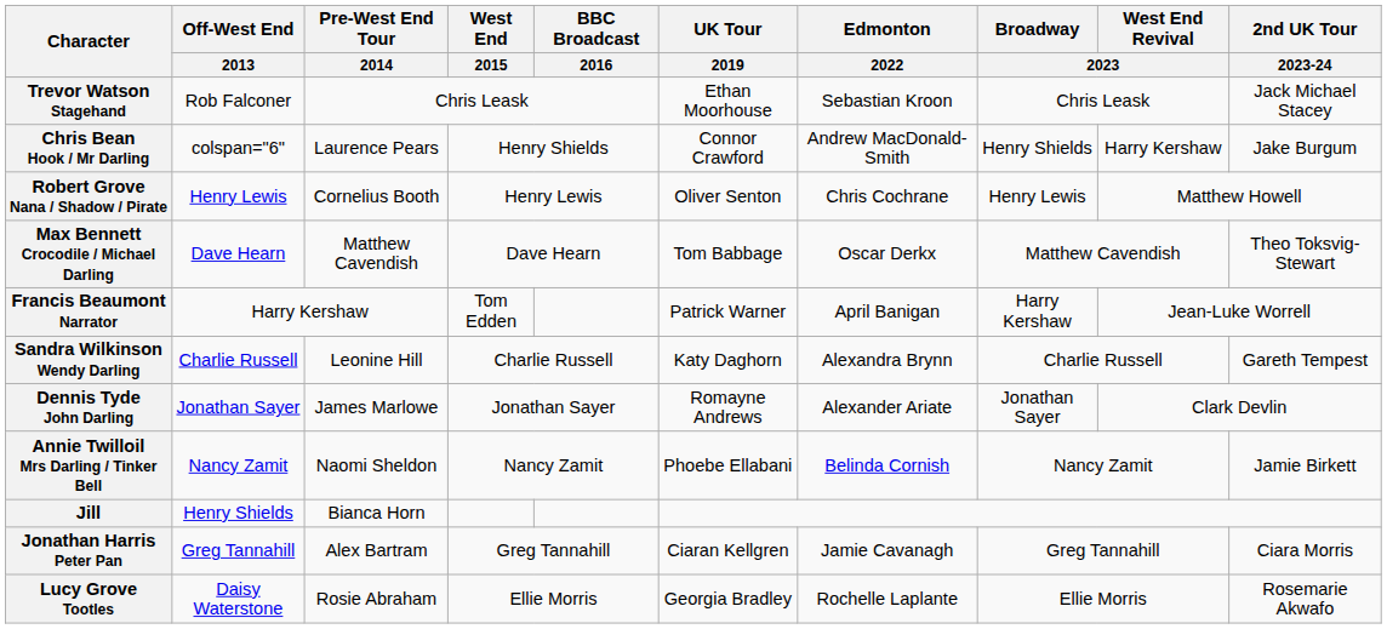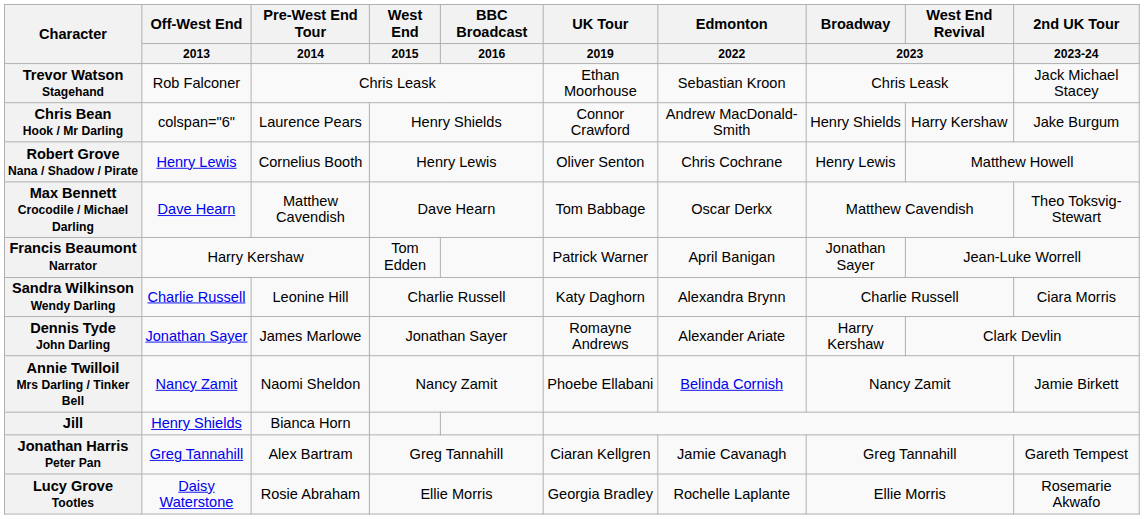 <table class="wikitable" style="width:1000; text-align: center;">
 <tr>
 <th rowspan="2">Character</th>
 <th>Off-West End</th>
 <th>Pre-West End Tour</th>
 <th>West End</th>
 <th>BBC Broadcast</th>
 <th>UK Tour</th>
 <th>Edmonton</th>
 <th>Broadway</th>
 <th>West End Revival</th>
 <th>2nd UK Tour</th>
 </tr>
 <tr style="font-size:smaller;"|>
 <th>2013</th>
 <th>2014</th>
 <th>2015</th>
 <th>2016</th>
 <th>2019</th>
 <th>2022</th>
 <th colspan="2">2023</th>
 <th>2023-24</th>
 </tr>
 <tr>
 <th>Trevor Watson <br> <small>Stagehand</small></th>
 <td>Rob Falconer</td>
 <td colspan="3">Chris Leask</td>
 <td>Ethan Moorhouse</td>
 <td>Sebastian Kroon</td>
 <td colspan="2">Chris Leask</td>
 <td>Jack Michael Stacey</td>
 </tr>
 <tr>
 <th>Chris Bean <br> <small>Hook / Mr Darling</small></th>
 <td>colspan="6" </td>
 <td>Laurence Pears</td>
 <td colspan="2">Henry Shields</td>
 <td>Connor Crawford</td>
 <td>Andrew MacDonald-Smith</td>
 <td>Henry Shields</td>
 <td>Harry Kershaw</td>
 <td>Jake Burgum</td>
 </tr>
 <tr>
 <th>Robert Grove <br> <small>Nana / Shadow / Pirate</small></th>
 <td><a href='#'>Henry Lewis</a></td>
 <td>Cornelius Booth</td>
 <td colspan="2">Henry Lewis</td>
 <td>Oliver Senton</td>
 <td>Chris Cochrane</td>
 <td>Henry Lewis</td>
 <td colspan="2">Matthew Howell</td>
 </tr>
 <tr>
 <th>Max Bennett <br> <small>Crocodile / Michael Darling</small></th>
 <td><a href='#'>Dave Hearn</a></td>
 <td>Matthew Cavendish</td>
 <td colspan="2">Dave Hearn</td>
 <td>Tom Babbage</td>
 <td>Oscar Derkx</td>
 <td colspan="2">Matthew Cavendish</td>
 <td>Theo Toksvig-Stewart</td>
 </tr>
 <tr>
 <th>Francis Beaumont <br> <small>Narrator</small></th>
 <td colspan="2">Harry Kershaw</td>
 <td>Tom Edden</td>
 <td></td>
 <td>Patrick Warner</td>
 <td>April Banigan</td>
-<td>Harry Kershaw</td>
+<td>Jonathan Sayer</td>
 <td colspan="2">Jean-Luke Worrell</td>
 </tr>
 <tr>
 <th>Sandra Wilkinson <br> <small>Wendy Darling</small></th>
 <td><a href='#'>Charlie Russell</a></td>
 <td>Leonine Hill</td>
 <td colspan="2">Charlie Russell</td>
 <td>Katy Daghorn</td>
 <td>Alexandra Brynn</td>
 <td colspan="2">Charlie Russell</td>
-<td>Gareth Tempest</td>
+<td>Ciara Morris</td>
 </tr>
 <tr>
 <th>Dennis Tyde <br> <small>John Darling</small></th>
 <td><a href='#'>Jonathan Sayer</a></td>
 <td>James Marlowe</td>
 <td colspan="2">Jonathan Sayer</td>
 <td>Romayne Andrews</td>
 <td>Alexander Ariate</td>
-<td>Jonathan Sayer</td>
+<td>Harry Kershaw</td>
 <td colspan="2">Clark Devlin</td>
 </tr>
 <tr>
 <th>Annie Twilloil <br> <small>Mrs Darling / Tinker Bell</small></th>
 <td><a href='#'>Nancy Zamit</a></td>
 <td>Naomi Sheldon</td>
 <td colspan="2">Nancy Zamit</td>
 <td>Phoebe Ellabani</td>
 <td><a href='#'>Belinda Cornish</a></td>
 <td colspan="2">Nancy Zamit</td>
 <td>Jamie Birkett</td>
 </tr>
 <tr>
 <th>Jill</th>
 <td><a href='#'>Henry Shields</a></td>
 <td>Bianca Horn</td>
 <td></td>
 <td></td>
 </tr>
 <tr>
 <th>Jonathan Harris <br> <small>Peter Pan</small></th>
 <td><a href='#'>Greg Tannahill</a></td>
 <td>Alex Bartram</td>
 <td colspan="2">Greg Tannahill</td>
 <td>Ciaran Kellgren</td>
 <td>Jamie Cavanagh</td>
 <td colspan="2">Greg Tannahill</td>
-<td>Ciara Morris</td>
+<td>Gareth Tempest</td>
 </tr>
 <tr>
 <th>Lucy Grove <br> <small>Tootles</small></th>
 <td><a href='#'>Daisy Waterstone</a></td>
 <td>Rosie Abraham</td>
 <td colspan="2">Ellie Morris</td>
 <td>Georgia Bradley</td>
 <td>Rochelle Laplante</td>
 <td colspan="2">Ellie Morris</td>
 <td>Rosemarie Akwafo</td>
 </tr>
 </table>
